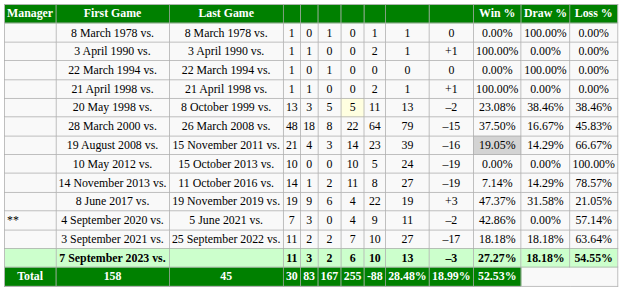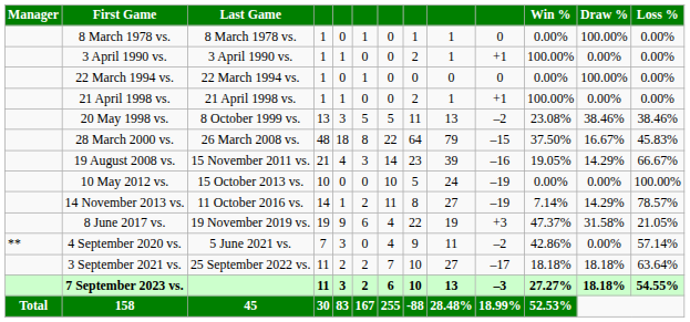 <table class="wikitable sortable" style="text-align:center">
 <tr>
 <th style="background-color:#008000; color:white; ">Manager</th>
 <th style="background-color:#008000; color:white; ">First Game</th>
 <th style="background-color:#008000; color:white; ">Last Game</th>
 <th style="background-color:#008000; color:white; "></th>
 <th style="background-color:#008000; color:white; "></th>
 <th style="background-color:#008000; color:white; "></th>
 <th style="background-color:#008000; color:white; "></th>
 <th style="background-color:#008000; color:white; "></th>
 <th style="background-color:#008000; color:white; "></th>
 <th style="background-color:#008000; color:white; "></th>
 <th style="background-color:#008000; color:white; ">Win %</th>
 <th style="background-color:#008000; color:white; ">Draw %</th>
 <th style="background-color:#008000; color:white; ">Loss %</th>
 </tr>
 <tr>
 <td style="text-align: left;"> </td>
 <td>8 March 1978 vs. </td>
 <td>8 March 1978 vs. </td>
 <td>1</td>
 <td>0</td>
 <td>1</td>
 <td>0</td>
 <td>1</td>
 <td>1</td>
 <td>0</td>
 <td>0.00%</td>
 <td>100.00%</td>
 <td>0.00%</td>
 </tr>
 <tr>
 <td style="text-align: left;"> </td>
 <td>3 April 1990 vs. </td>
 <td>3 April 1990 vs. </td>
 <td>1</td>
 <td>1</td>
 <td>0</td>
 <td>0</td>
 <td>2</td>
 <td>1</td>
 <td>+1</td>
 <td>100.00%</td>
 <td>0.00%</td>
 <td>0.00%</td>
 </tr>
 <tr>
 <td style="text-align: left;"> </td>
 <td>22 March 1994 vs. </td>
 <td>22 March 1994 vs. </td>
 <td>1</td>
 <td>0</td>
 <td>1</td>
 <td>0</td>
 <td>0</td>
 <td>0</td>
 <td>0</td>
 <td>0.00%</td>
 <td>100.00%</td>
 <td>0.00%</td>
 </tr>
 <tr>
 <td style="text-align: left;"> </td>
 <td>21 April 1998 vs. </td>
 <td>21 April 1998 vs. </td>
 <td>1</td>
 <td>1</td>
 <td>0</td>
 <td>0</td>
 <td>2</td>
 <td>1</td>
 <td>+1</td>
 <td>100.00%</td>
 <td>0.00%</td>
 <td>0.00%</td>
 </tr>
 <tr>
 <td style="text-align: left;"> </td>
 <td>20 May 1998 vs. </td>
 <td>8 October 1999 vs. </td>
 <td>13</td>
 <td>3</td>
 <td>5</td>
-<td style="background: lightyellow;">5</td>
+<td>5</td>
 <td>11</td>
 <td>13</td>
 <td>–2</td>
 <td>23.08%</td>
 <td>38.46%</td>
 <td>38.46%</td>
 </tr>
 <tr>
 <td style="text-align: left;"> </td>
 <td>28 March 2000 vs. </td>
 <td>26 March 2008 vs. </td>
 <td>48</td>
 <td>18</td>
 <td>8</td>
 <td>22</td>
 <td>64</td>
 <td>79</td>
 <td>–15</td>
 <td>37.50%</td>
 <td>16.67%</td>
 <td>45.83%</td>
 </tr>
 <tr>
 <td style="text-align: left;"> </td>
 <td>19 August 2008 vs. </td>
 <td>15 November 2011 vs. </td>
 <td>21</td>
 <td>4</td>
 <td>3</td>
 <td>14</td>
 <td>23</td>
 <td>39</td>
 <td>–16</td>
-<td style="background: lightgrey;">19.05%</td>
+<td>19.05%</td>
 <td>14.29%</td>
 <td>66.67%</td>
 </tr>
 <tr>
 <td style="text-align: left;"> </td>
 <td>10 May 2012 vs. </td>
 <td>15 October 2013 vs. </td>
 <td>10</td>
 <td>0</td>
 <td>0</td>
 <td>10</td>
 <td>5</td>
 <td>24</td>
 <td>–19</td>
 <td>0.00%</td>
 <td>0.00%</td>
 <td>100.00%</td>
 </tr>
 <tr>
 <td style="text-align: left;"> </td>
 <td>14 November 2013 vs. </td>
 <td>11 October 2016 vs. </td>
 <td>14</td>
 <td>1</td>
 <td>2</td>
 <td>11</td>
 <td>8</td>
 <td>27</td>
 <td>–19</td>
 <td>7.14%</td>
 <td>14.29%</td>
 <td>78.57%</td>
 </tr>
 <tr>
 <td style="text-align: left;"> </td>
 <td>8 June 2017 vs. </td>
 <td>19 November 2019 vs. </td>
 <td>19</td>
 <td>9</td>
 <td>6</td>
 <td>4</td>
 <td>22</td>
 <td>19</td>
 <td>+3</td>
 <td>47.37%</td>
 <td>31.58%</td>
 <td>21.05%</td>
 </tr>
 <tr>
 <td style="text-align: left;"> **</td>
 <td>4 September 2020 vs. </td>
 <td>5 June 2021 vs. </td>
 <td>7</td>
 <td>3</td>
 <td>0</td>
 <td>4</td>
 <td>9</td>
 <td>11</td>
 <td>–2</td>
 <td>42.86%</td>
 <td>0.00%</td>
 <td>57.14%</td>
 </tr>
 <tr>
 <td style="text-align: left;"> </td>
 <td>3 September 2021 vs. </td>
 <td>25 September 2022 vs. </td>
 <td>11</td>
 <td>2</td>
 <td>2</td>
 <td>7</td>
 <td>10</td>
 <td>27</td>
 <td>–17</td>
 <td>18.18%</td>
 <td>18.18%</td>
 <td>63.64%</td>
 </tr>
 <tr bgcolor=#CFC>
 <td style="text-align: left;"> <strong></strong></td>
 <td><strong>7 September 2023 vs. </strong></td>
 <td></td>
 <td><strong>11</strong></td>
 <td><strong>3</strong></td>
 <td><strong>2</strong></td>
 <td><strong>6</strong></td>
 <td><strong>10</strong></td>
 <td><strong>13</strong></td>
 <td><strong>–3</strong></td>
 <td><strong>27.27%</strong></td>
 <td><strong>18.18%</strong></td>
 <td><strong>54.55%</strong></td>
 </tr>
 <tr class="sortbottom">
 <th style="background-color:#008000; color:white; "><strong>Total</strong></th>
 <th style="background-color:#008000; color:white; "><strong>158</strong></th>
 <th style="background-color:#008000; color:white; "><strong>45</strong></th>
 <th style="background-color:#008000; color:white; "><strong>30</strong></th>
 <th style="background-color:#008000; color:white; "><strong>83</strong></th>
 <th style="background-color:#008000; color:white; "><strong>167</strong></th>
 <th style="background-color:#008000; color:white; "><strong>255</strong></th>
 <th style="background-color:#008000; color:white; "><strong>-88</strong></th>
 <th style="background-color:#008000; color:white; "><strong>28.48%</strong></th>
 <th style="background-color:#008000; color:white; "><strong>18.99%</strong></th>
 <th style="background-color:#008000; color:white; "><strong>52.53%</strong></th>
 </tr>
 <tr>
 </tr>
 </table>
